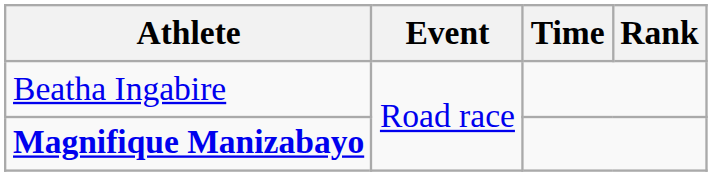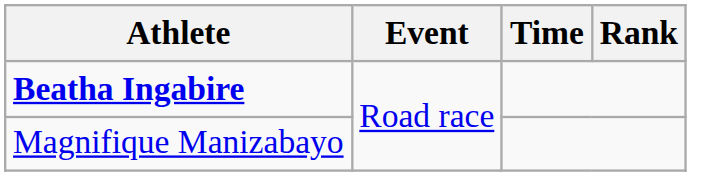 <table class=wikitable style="font-size:90%;">
 <tr>
 <th>Athlete</th>
 <th>Event</th>
 <th>Time</th>
 <th>Rank</th>
 </tr>
 <tr align=center>
-<td align=left><a href='#'>Beatha Ingabire</a></td>
+<td align=left><strong><a href='#'>Beatha Ingabire</a></strong></td>
 <td align=left rowspan=2><a href='#'>Road race</a></td>
 <td colspan=2></td>
 </tr>
 <tr align=center>
-<td align=left><strong><a href='#'>Magnifique Manizabayo</a></strong></td>
+<td align=left><a href='#'>Magnifique Manizabayo</a></td>
 <td colspan=2></td>
 </tr>
 </table>
